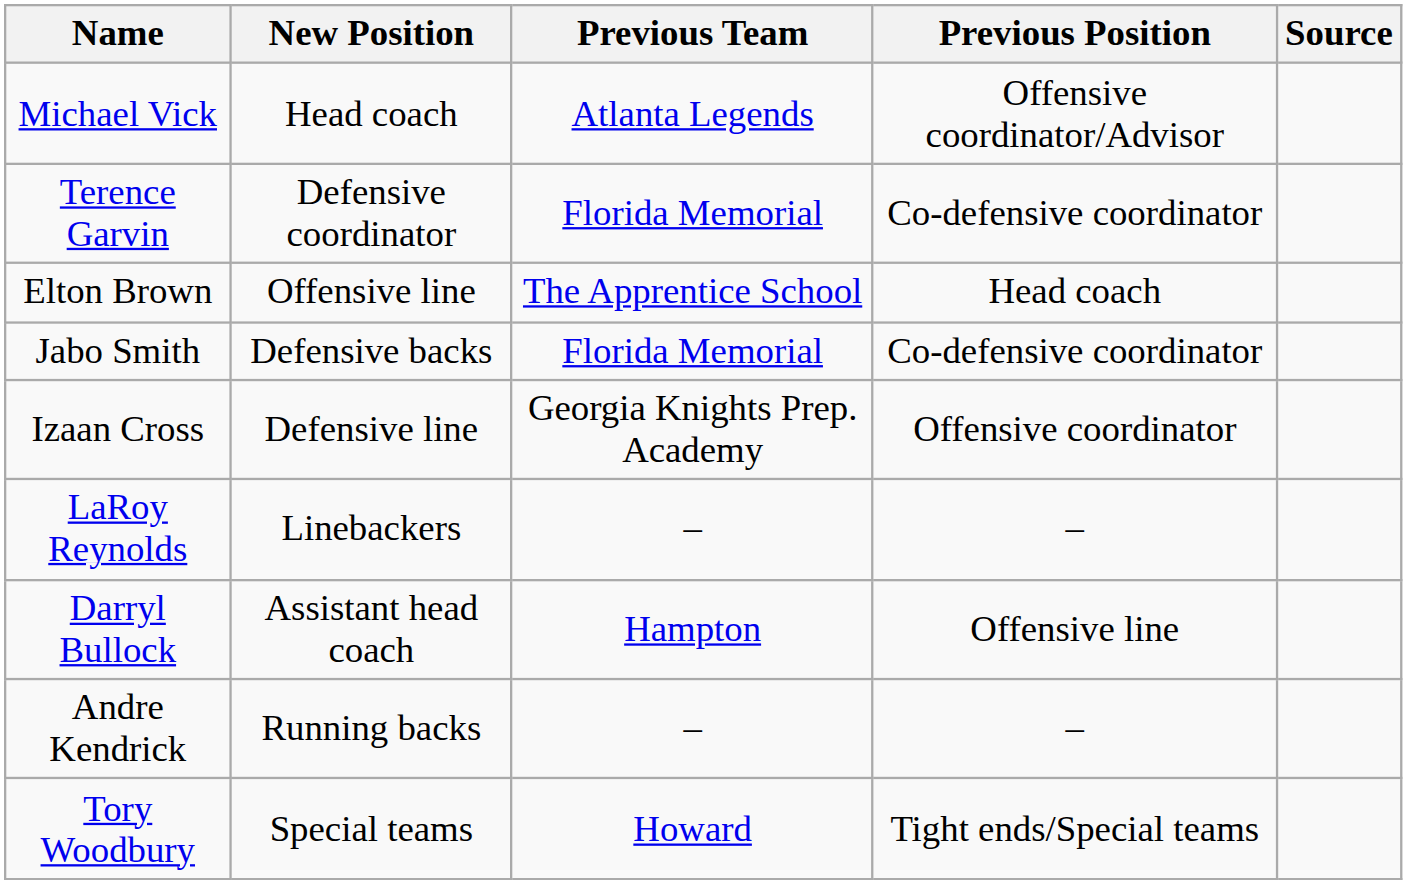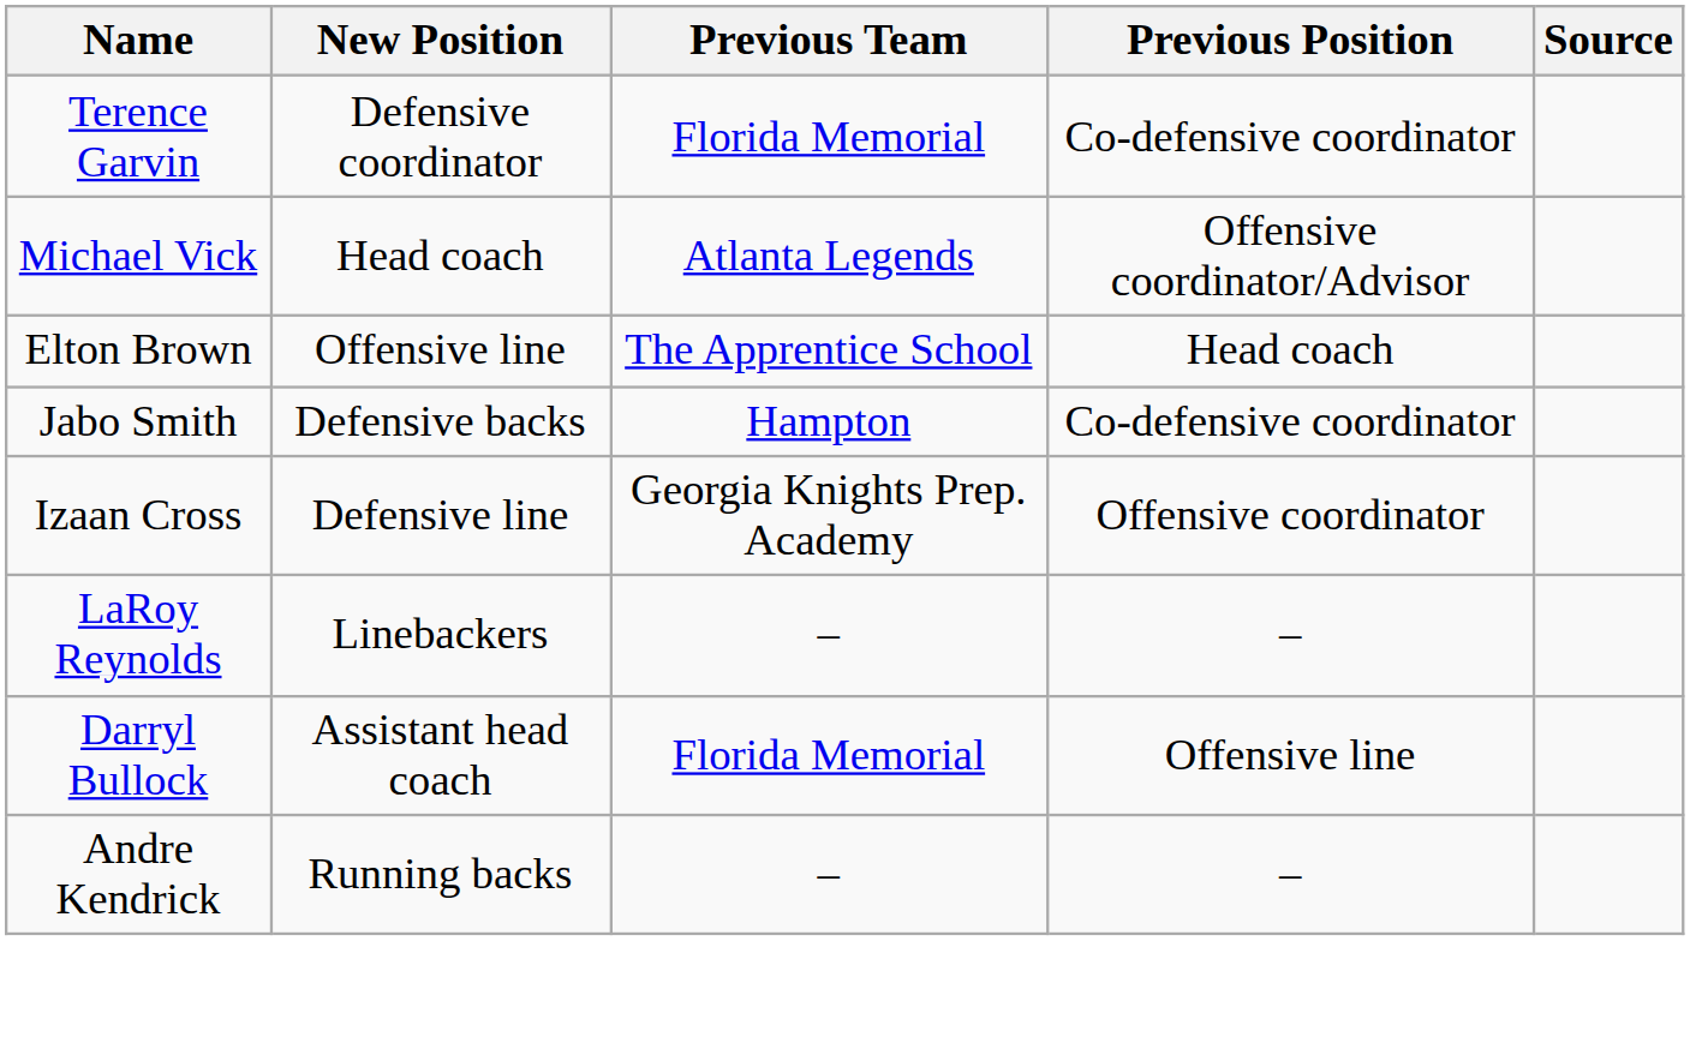 <table class="wikitable">
 <tr>
 <th style="text-align:center; ">Name</th>
 <th style="text-align:center; ">New Position</th>
 <th style="text-align:center; ">Previous Team</th>
 <th style="text-align:center; ">Previous Position</th>
 <th style="text-align:center; ">Source</th>
 </tr>
 <tr align="center">
+<td><a href='#'>Terence Garvin</a></td>
+<td>Defensive coordinator</td>
+<td><a href='#'>Florida Memorial</a></td>
+<td>Co-defensive coordinator</td>
+<td></td>
+</tr>
+<tr align="center">
 <td><a href='#'>Michael Vick</a></td>
 <td>Head coach</td>
 <td><a href='#'>Atlanta Legends</a></td>
 <td>Offensive coordinator/Advisor</td>
-<td></td>
-</tr>
-<tr align="center">
-<td><a href='#'>Terence Garvin</a></td>
-<td>Defensive coordinator</td>
-<td><a href='#'>Florida Memorial</a></td>
-<td>Co-defensive coordinator</td>
 <td></td>
 </tr>
 <tr align="center">
 <td>Elton Brown</td>
 <td>Offensive line</td>
 <td><a href='#'>The Apprentice School</a></td>
 <td>Head coach</td>
 <td></td>
 </tr>
 <tr align="center">
 <td>Jabo Smith</td>
 <td>Defensive backs</td>
-<td><a href='#'>Florida Memorial</a></td>
+<td><a href='#'>Hampton</a></td>
 <td>Co-defensive coordinator</td>
 <td></td>
 </tr>
 <tr align="center">
 <td>Izaan Cross</td>
 <td>Defensive line</td>
 <td>Georgia Knights Prep. Academy</td>
 <td>Offensive coordinator</td>
 <td></td>
 </tr>
 <tr align="center">
 <td><a href='#'>LaRoy Reynolds</a></td>
 <td>Linebackers</td>
 <td>–</td>
 <td>–</td>
 <td></td>
 </tr>
 <tr align="center">
 <td><a href='#'>Darryl Bullock</a></td>
 <td>Assistant head coach</td>
-<td><a href='#'>Hampton</a></td>
+<td><a href='#'>Florida Memorial</a></td>
 <td>Offensive line</td>
 <td></td>
 </tr>
 <tr align="center">
 <td>Andre Kendrick</td>
 <td>Running backs</td>
 <td>–</td>
 <td>–</td>
 <td></td>
 </tr>
-<tr align="center">
-<td><a href='#'>Tory Woodbury</a></td>
-<td>Special teams</td>
-<td><a href='#'>Howard</a></td>
-<td>Tight ends/Special teams</td>
-<td></td>
-</tr>
 </table>
